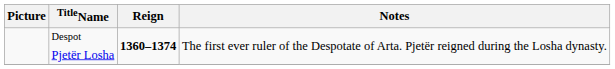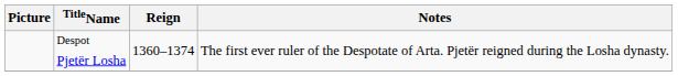 <table class="wikitable">
 <tr ->
 <th>Picture</th>
 <th><sup>Title</sup>Name</th>
 <th>Reign</th>
 <th>Notes</th>
 </tr>
 <tr ->
 <td></td>
 <td><sup> Despot</sup><br><a href='#'>Pjetër Losha</a></td>
-<td><strong>1360–1374</strong></td>
+<td>1360–1374</td>
 <td>The first ever ruler of the Despotate of Arta. Pjetër reigned during the Losha dynasty.</td>
 </tr>
 <tr ->
 </tr>
 </table>
